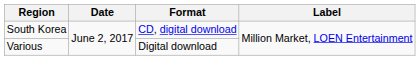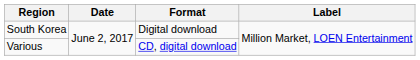 <table class="wikitable">
 <tr>
 <th>Region</th>
 <th>Date</th>
 <th>Format</th>
 <th>Label</th>
 </tr>
 <tr>
 <td>South Korea</td>
 <td rowspan="2">June 2, 2017</td>
-<td><a href='#'>CD</a>, <a href='#'>digital download</a></td>
+<td>Digital download</td>
 <td rowspan="2">Million Market, <a href='#'>LOEN Entertainment</a></td>
 </tr>
 <tr>
 <td>Various</td>
-<td>Digital download</td>
+<td><a href='#'>CD</a>, <a href='#'>digital download</a></td>
 </tr>
 </table>
